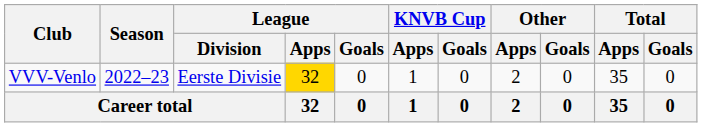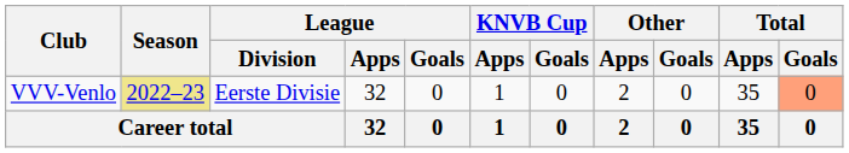 <table class="wikitable" style="text-align:center">
 <tr>
 <th rowspan="2">Club</th>
 <th rowspan="2">Season</th>
 <th colspan="3">League</th>
 <th colspan="2"><a href='#'>KNVB Cup</a></th>
 <th colspan="2">Other</th>
 <th colspan="2">Total</th>
 </tr>
 <tr>
 <th>Division</th>
 <th>Apps</th>
 <th>Goals</th>
 <th>Apps</th>
 <th>Goals</th>
 <th>Apps</th>
 <th>Goals</th>
 <th>Apps</th>
 <th>Goals</th>
 </tr>
 <tr>
 <td><a href='#'>VVV-Venlo</a></td>
-<td><a href='#'>2022–23</a></td>
+<td style="background: khaki;"><a href='#'>2022–23</a></td>
 <td><a href='#'>Eerste Divisie</a></td>
-<td style="background: gold;">32</td>
+<td>32</td>
 <td>0</td>
 <td>1</td>
 <td>0</td>
 <td>2</td>
 <td>0</td>
 <td>35</td>
-<td>0</td>
+<td style="background: lightsalmon;">0</td>
 </tr>
 <tr>
 <th colspan="3">Career total</th>
 <th>32</th>
 <th>0</th>
 <th>1</th>
 <th>0</th>
 <th>2</th>
 <th>0</th>
 <th>35</th>
 <th>0</th>
 </tr>
 </table>
